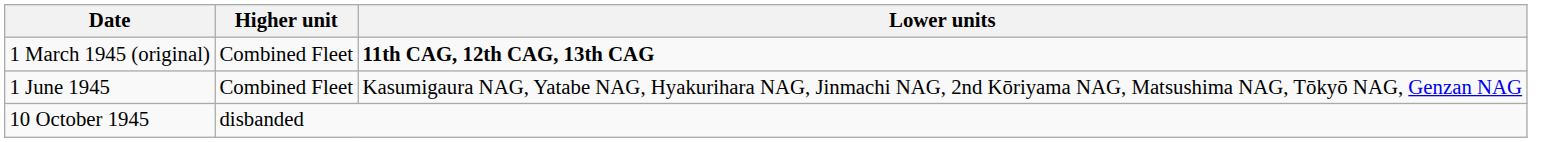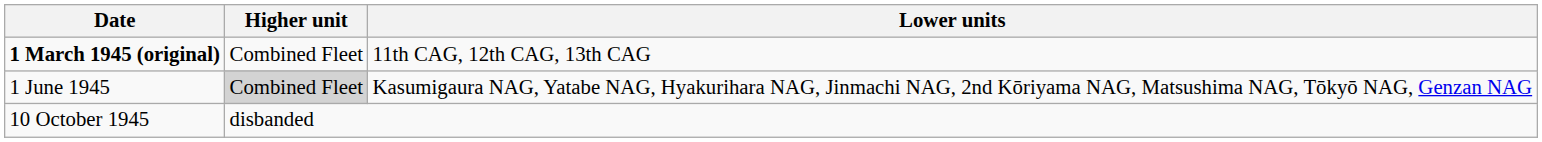 <table class="wikitable">
 <tr>
 <th>Date</th>
 <th>Higher unit</th>
 <th>Lower units</th>
 </tr>
 <tr>
-<td>1 March 1945 (original)</td>
+<td><strong>1 March 1945 (original)</strong></td>
 <td>Combined Fleet</td>
-<td><strong>11th CAG, 12th CAG, 13th CAG</strong></td>
+<td>11th CAG, 12th CAG, 13th CAG</td>
 </tr>
 <tr>
 <td>1 June 1945</td>
-<td>Combined Fleet</td>
+<td style="background: lightgrey;">Combined Fleet</td>
 <td>Kasumigaura NAG, Yatabe NAG, Hyakurihara NAG, Jinmachi NAG, 2nd Kōriyama NAG, Matsushima NAG, Tōkyō NAG, <a href='#'>Genzan NAG</a></td>
 </tr>
 <tr>
 <td>10 October 1945</td>
 <td colspan="3">disbanded</td>
 </tr>
 </table>
